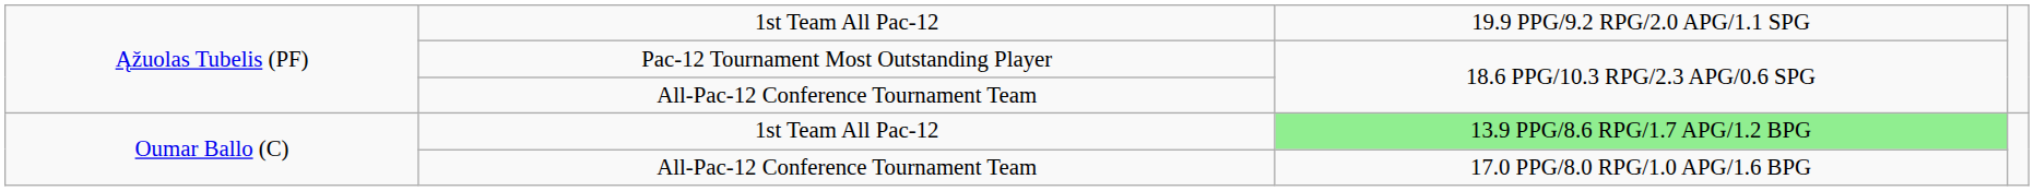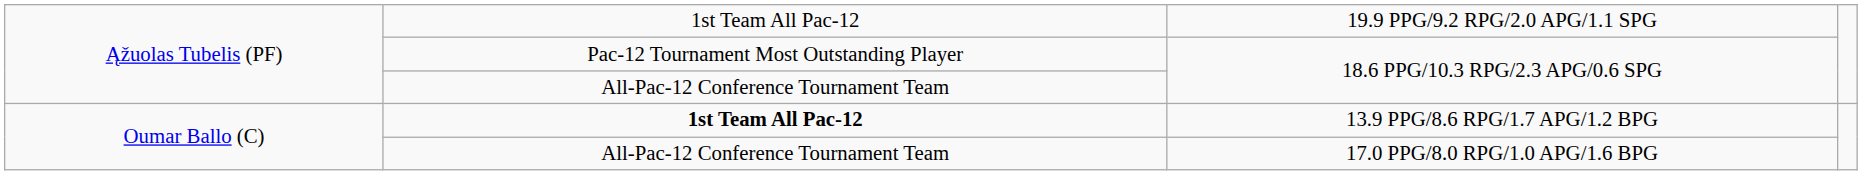 <table class="wikitable" style="width: 90%;text-align: center;">
 <tr align="center">
 <td rowspan="3"><a href='#'>Ąžuolas Tubelis</a> (PF)</td>
 <td>1st Team All Pac-12</td>
 <td>19.9 PPG/9.2 RPG/2.0 APG/1.1 SPG</td>
 <td rowspan="3"></td>
 </tr>
 <tr>
 <td>Pac-12 Tournament Most Outstanding Player</td>
 <td rowspan="2">18.6 PPG/10.3 RPG/2.3 APG/0.6 SPG</td>
 </tr>
 <tr>
 <td>All-Pac-12 Conference Tournament Team</td>
 </tr>
 <tr align="center">
 <td rowspan="2"><a href='#'>Oumar Ballo</a> (C)</td>
-<td>1st Team All Pac-12</td>
-<td style="background: lightgreen;">13.9 PPG/8.6 RPG/1.7 APG/1.2 BPG</td>
+<td><strong>1st Team All Pac-12</strong></td>
+<td>13.9 PPG/8.6 RPG/1.7 APG/1.2 BPG</td>
 <td rowspan="2"></td>
 </tr>
 <tr>
 <td>All-Pac-12 Conference Tournament Team</td>
 <td>17.0 PPG/8.0 RPG/1.0 APG/1.6 BPG</td>
 </tr>
 </table>
